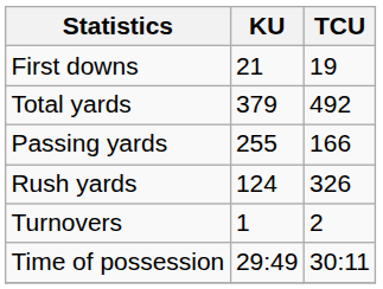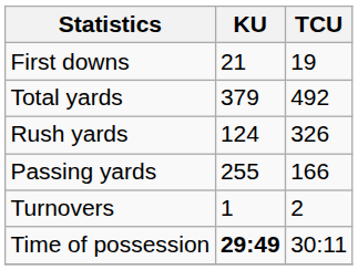 <table class="wikitable" style="float: left;">
 <tr>
 <th>Statistics</th>
 <th>KU</th>
 <th>TCU</th>
 </tr>
 <tr>
 <td>First downs</td>
 <td>21</td>
 <td>19</td>
 </tr>
 <tr>
 <td>Total yards</td>
 <td>379</td>
 <td>492</td>
 </tr>
 <tr>
+<td>Rush yards</td>
+<td>124</td>
+<td>326</td>
+</tr>
+<tr>
 <td>Passing yards</td>
 <td>255</td>
 <td>166</td>
-</tr>
-<tr>
-<td>Rush yards</td>
-<td>124</td>
-<td>326</td>
 </tr>
 <tr>
 <td>Turnovers</td>
 <td>1</td>
 <td>2</td>
 </tr>
 <tr>
 <td>Time of possession</td>
-<td>29:49</td>
+<td><strong>29:49</strong></td>
 <td>30:11</td>
 </tr>
 <tr>
 </tr>
 </table>
